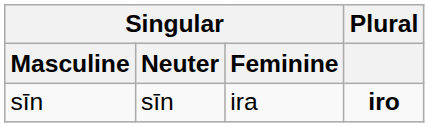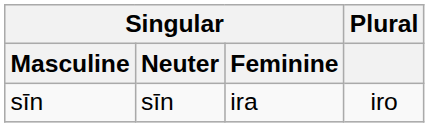 <table class="wikitable">
 <tr>
 <th colspan="3"><strong>Singular</strong></th>
 <th><strong>Plural</strong></th>
 </tr>
 <tr>
 <th><strong>Masculine</strong></th>
 <th><strong>Neuter</strong></th>
 <th><strong>Feminine</strong></th>
 <th></th>
 </tr>
 <tr>
 <td>sīn</td>
 <td>sīn</td>
 <td>ira</td>
-<td align="center"><strong>iro</strong></td>
+<td align="center">iro</td>
 </tr>
 </table>
